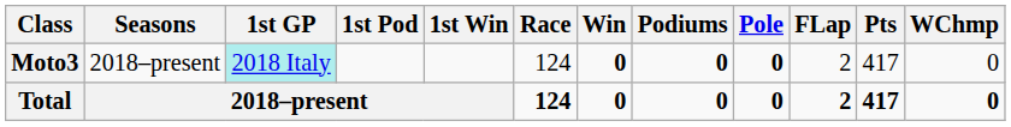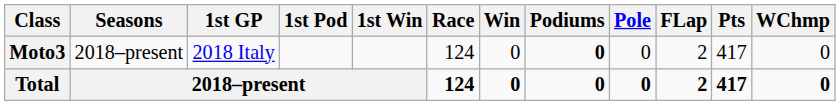 <table class="wikitable" style="text-align:right;">
 <tr>
 <th>Class</th>
 <th>Seasons</th>
 <th>1st GP</th>
 <th>1st Pod</th>
 <th>1st Win</th>
 <th>Race</th>
 <th>Win</th>
 <th>Podiums</th>
 <th><a href='#'>Pole</a></th>
 <th>FLap</th>
 <th>Pts</th>
 <th>WChmp</th>
 </tr>
 <tr>
 <th>Moto3</th>
 <td>2018–present</td>
-<td style="background: paleturquoise; text-align:left;"><a href='#'>2018 Italy</a></td>
+<td style="text-align:left;"><a href='#'>2018 Italy</a></td>
 <td style="text-align:left;"></td>
 <td style="text-align:left;"></td>
 <td>124</td>
+<td>0</td>
 <td><strong>0</strong></td>
-<td><strong>0</strong></td>
-<td><strong>0</strong></td>
+<td>0</td>
 <td>2</td>
 <td>417</td>
 <td>0</td>
 </tr>
 <tr>
 <th>Total</th>
 <th colspan="4">2018–present</th>
 <td><strong>124</strong></td>
 <td><strong>0</strong></td>
 <td><strong>0</strong></td>
 <td><strong>0</strong></td>
 <td><strong>2</strong></td>
 <td><strong>417</strong></td>
 <td><strong>0</strong></td>
 </tr>
 </table>
